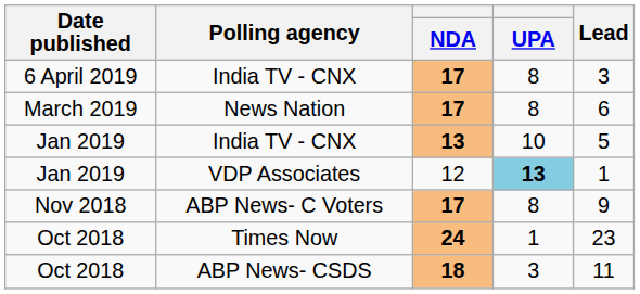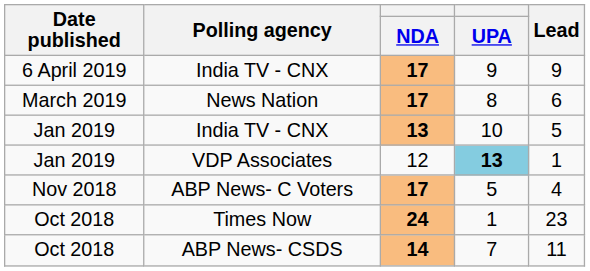 <table class="wikitable sortable" style="text-align:center;font-size:95%;line-height:16px">
 <tr>
 <th rowspan="2" width="100px">Date published</th>
 <th rowspan="2" width="175px">Polling agency</th>
 <th style="background:"></th>
 <th style="background:"></th>
 <th rowspan="2">Lead</th>
 </tr>
 <tr>
 <th width="50px" class="unsortable"><a href='#'>NDA</a></th>
 <th width="50px" class="unsortable"><a href='#'>UPA</a></th>
 </tr>
 <tr>
 <td>6 April 2019</td>
 <td>India TV - CNX</td>
 <td style="background:#F9BC7F"><strong>17</strong></td>
-<td>8</td>
-<td style="background:"><span>3</span></td>
+<td>9</td>
+<td style="background:"><span>9</span></td>
 </tr>
 <tr>
 <td>March 2019</td>
 <td>News Nation</td>
 <td style="background:#F9BC7F"><strong>17</strong></td>
 <td>8</td>
 <td style="background:"><span>6</span></td>
 </tr>
 <tr>
 <td>Jan 2019</td>
 <td>India TV - CNX</td>
 <td style="background:#F9BC7F"><strong>13</strong></td>
 <td>10</td>
 <td style="background:"><span>5</span></td>
 </tr>
 <tr>
 <td>Jan 2019</td>
 <td>VDP Associates</td>
 <td>12</td>
 <td style="background:#84CCE0"><strong>13</strong></td>
 <td style="background:"><span>1</span></td>
 </tr>
 <tr>
 <td>Nov 2018</td>
 <td>ABP News- C Voters</td>
 <td style="background:#F9BC7F"><strong>17</strong></td>
-<td>8</td>
-<td style="background:"><span>9</span></td>
+<td>5</td>
+<td style="background:"><span>4</span></td>
 </tr>
 <tr>
 <td>Oct 2018</td>
 <td>Times Now</td>
 <td style="background:#F9BC7F"><strong>24</strong></td>
 <td>1</td>
 <td style="background:"><span>23</span></td>
 </tr>
 <tr>
 <td>Oct 2018</td>
 <td>ABP News- CSDS</td>
-<td style="background:#F9BC7F"><strong>18</strong></td>
-<td>3</td>
+<td style="background:#F9BC7F"><strong>14</strong></td>
+<td>7</td>
 <td style="background:"><span>11</span></td>
 </tr>
 </table>
